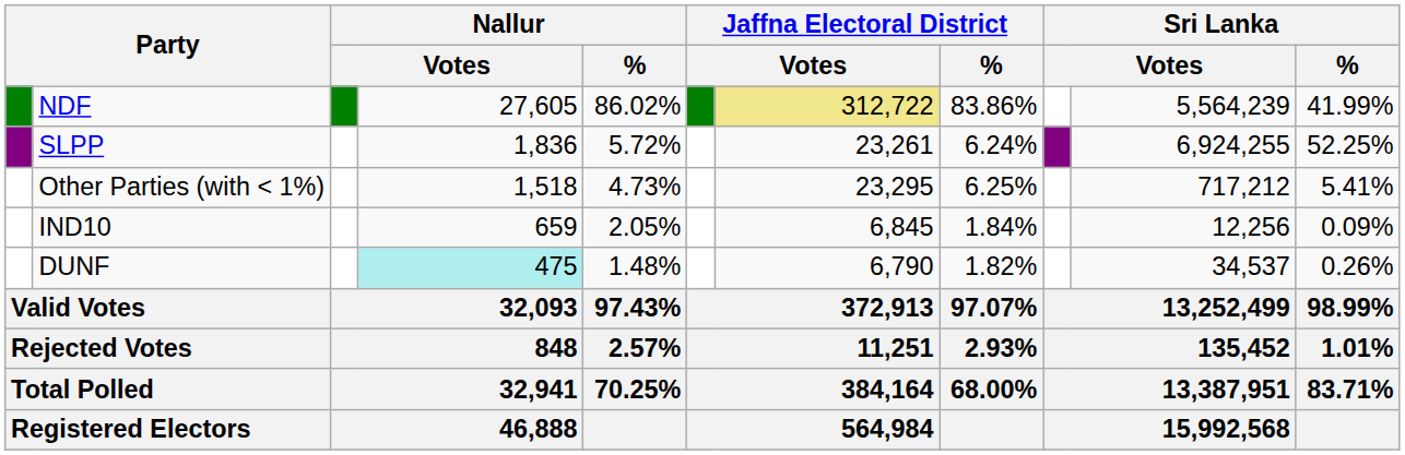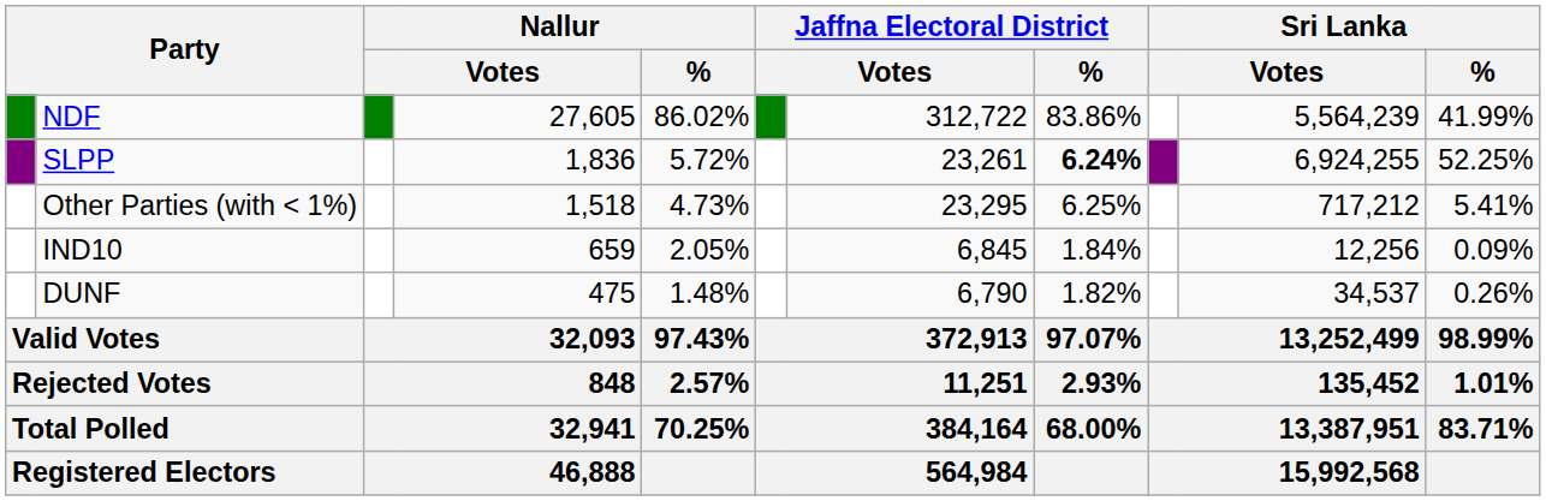 <table class="wikitable">
 <tr>
 <th colspan="2" width="144px"rowspan="2">Party</th>
 <th colspan="3" width="216px">Nallur</th>
 <th colspan="3" width="216px"><a href='#'>Jaffna Electoral District</a></th>
 <th colspan="3" width="216px">Sri Lanka</th>
 </tr>
 <tr>
 <th colspan="2" width="144px">Votes</th>
 <th>%</th>
 <th colspan="2" width="144px">Votes</th>
 <th>%</th>
 <th colspan="2" width="144px">Votes</th>
 <th>%</th>
 </tr>
 <tr>
 <td style="background-color:green;" width="10px"></td>
 <td style="text-align:left;"><a href='#'>NDF</a></td>
 <td style="background-color:green;" width="10px"></td>
 <td style="text-align:right;">27,605</td>
 <td style="text-align:right;">86.02%</td>
 <td style="background-color:green;" width="10px"></td>
-<td style="background: khaki; text-align:right;">312,722</td>
+<td style="text-align:right;">312,722</td>
 <td style="text-align:right;">83.86%</td>
 <td style="background-color:white;" width="10px"></td>
 <td style="text-align:right;">5,564,239</td>
 <td style="text-align:right;">41.99%</td>
 </tr>
 <tr>
 <td style="background-color:purple;" width="10px"></td>
 <td style="text-align:left;"><a href='#'>SLPP</a></td>
 <td style="background-color:white;" width="10px"></td>
 <td style="text-align:right;">1,836</td>
 <td style="text-align:right;">5.72%</td>
 <td style="background-color:white;" width="10px"></td>
 <td style="text-align:right;">23,261</td>
-<td style="text-align:right;">6.24%</td>
+<td style="text-align:right;"><strong>6.24%</strong></td>
 <td style="background-color:purple;" width="10px"></td>
 <td style="text-align:right;">6,924,255</td>
 <td style="text-align:right;">52.25%</td>
 </tr>
 <tr>
 <td style="background-color:white;" width="10px"></td>
 <td style="text-align:left;">Other Parties (with < 1%)</td>
 <td style="background-color:white;" width="10px"></td>
 <td style="text-align:right;">1,518</td>
 <td style="text-align:right;">4.73%</td>
 <td style="background-color:white;" width="10px"></td>
 <td style="text-align:right;">23,295</td>
 <td style="text-align:right;">6.25%</td>
 <td style="background-color:white;" width="10px"></td>
 <td style="text-align:right;">717,212</td>
 <td style="text-align:right;">5.41%</td>
 </tr>
 <tr>
 <td style="background-color:white;" width="10px"></td>
 <td style="text-align:left;">IND10</td>
 <td style="background-color:white;" width="10px"></td>
 <td style="text-align:right;">659</td>
 <td style="text-align:right;">2.05%</td>
 <td style="background-color:white;" width="10px"></td>
 <td style="text-align:right;">6,845</td>
 <td style="text-align:right;">1.84%</td>
 <td style="background-color:white;" width="10px"></td>
 <td style="text-align:right;">12,256</td>
 <td style="text-align:right;">0.09%</td>
 </tr>
 <tr>
 <td style="background-color:white;" width="10px"></td>
 <td style="text-align:left;">DUNF</td>
 <td style="background-color:white;" width="10px"></td>
-<td style="background: paleturquoise; text-align:right;">475</td>
+<td style="text-align:right;">475</td>
 <td style="text-align:right;">1.48%</td>
 <td style="background-color:white;" width="10px"></td>
 <td style="text-align:right;">6,790</td>
 <td style="text-align:right;">1.82%</td>
 <td style="background-color:white;" width="10px"></td>
 <td style="text-align:right;">34,537</td>
 <td style="text-align:right;">0.26%</td>
 </tr>
 <tr>
 <th colspan="2" width="144px"style="text-align:left;">Valid Votes</th>
 <th style="text-align:right;"colspan="2" width="144px">32,093</th>
 <th style="text-align:right;">97.43%</th>
 <th style="text-align:right;"colspan="2" width="144px">372,913</th>
 <th style="text-align:right;">97.07%</th>
 <th style="text-align:right;"colspan="2" width="144px">13,252,499</th>
 <th style="text-align:right;">98.99%</th>
 </tr>
 <tr>
 <th colspan="2" width="144px"style="text-align:left;">Rejected Votes</th>
 <th style="text-align:right;"colspan="2" width="144px">848</th>
 <th style="text-align:right;">2.57%</th>
 <th style="text-align:right;"colspan="2" width="144px">11,251</th>
 <th style="text-align:right;">2.93%</th>
 <th style="text-align:right;"colspan="2" width="144px">135,452</th>
 <th style="text-align:right;">1.01%</th>
 </tr>
 <tr>
 <th colspan="2" width="144px"style="text-align:left;">Total Polled</th>
 <th style="text-align:right;"colspan="2" width="144px">32,941</th>
 <th style="text-align:right;">70.25%</th>
 <th style="text-align:right;"colspan="2" width="144px">384,164</th>
 <th style="text-align:right;">68.00%</th>
 <th style="text-align:right;"colspan="2" width="144px">13,387,951</th>
 <th style="text-align:right;">83.71%</th>
 </tr>
 <tr>
 <th colspan="2" width="144px"style="text-align:left;">Registered Electors</th>
 <th style="text-align:right;"colspan="2" width="144px">46,888</th>
 <th></th>
 <th style="text-align:right;"colspan="2" width="144px">564,984</th>
 <th></th>
 <th style="text-align:right;"colspan="2" width="144px">15,992,568</th>
 <th></th>
 </tr>
 </table>
